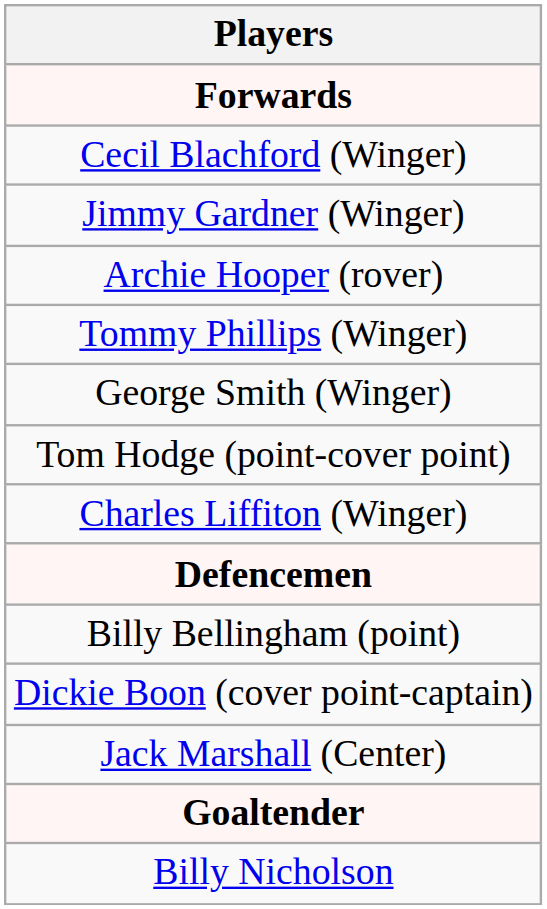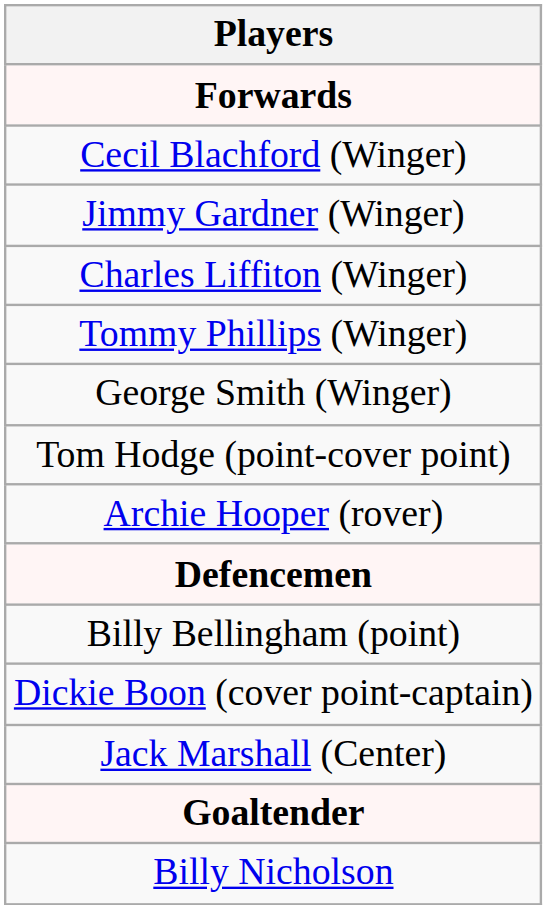 <table class="wikitable" style="text-align:center;">
 <tr>
 <th>Players</th>
 </tr>
 <tr style="font-weight:bold; background-color:#FFF5F5;">
 <td colspan="1" align="center"><strong>Forwards</strong></td>
 </tr>
 <tr>
 <td><a href='#'>Cecil Blachford</a> (Winger)</td>
 </tr>
 <tr>
 <td><a href='#'>Jimmy Gardner</a> (Winger)</td>
 </tr>
 <tr>
-<td><a href='#'>Archie Hooper</a> (rover)</td>
+<td><a href='#'>Charles Liffiton</a> (Winger)</td>
 </tr>
 <tr>
 <td><a href='#'>Tommy Phillips</a> (Winger)</td>
 </tr>
 <tr>
 <td>George Smith (Winger)</td>
 </tr>
 <tr>
 <td>Tom Hodge (point-cover point)</td>
 </tr>
 <tr>
-<td><a href='#'>Charles Liffiton</a> (Winger)</td>
+<td><a href='#'>Archie Hooper</a> (rover)</td>
 </tr>
 <tr style="font-weight:bold; background-color:#FFF5F5;">
 <td colspan="1" align="center"><strong>Defencemen</strong></td>
 </tr>
 <tr>
 <td>Billy Bellingham (point)</td>
 </tr>
 <tr>
 <td><a href='#'>Dickie Boon</a> (cover point-captain)</td>
 </tr>
 <tr>
 <td><a href='#'>Jack Marshall</a> (Center)</td>
 </tr>
 <tr style="font-weight:bold; background-color:#FFF5F5;">
 <td colspan="1" align="center"><strong>Goaltender</strong></td>
 </tr>
 <tr>
 <td><a href='#'>Billy Nicholson</a></td>
 </tr>
 </table>
